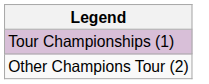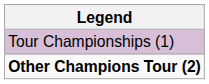 <table class="wikitable" style="font-size:95%;">
 <tr>
 <th>Legend</th>
 </tr>
 <tr style="background:thistle;">
 <td>Tour Championships (1)</td>
 </tr>
 <tr>
-<td>Other Champions Tour (2)</td>
+<td><strong>Other Champions Tour (2)</strong></td>
 </tr>
 </table>
